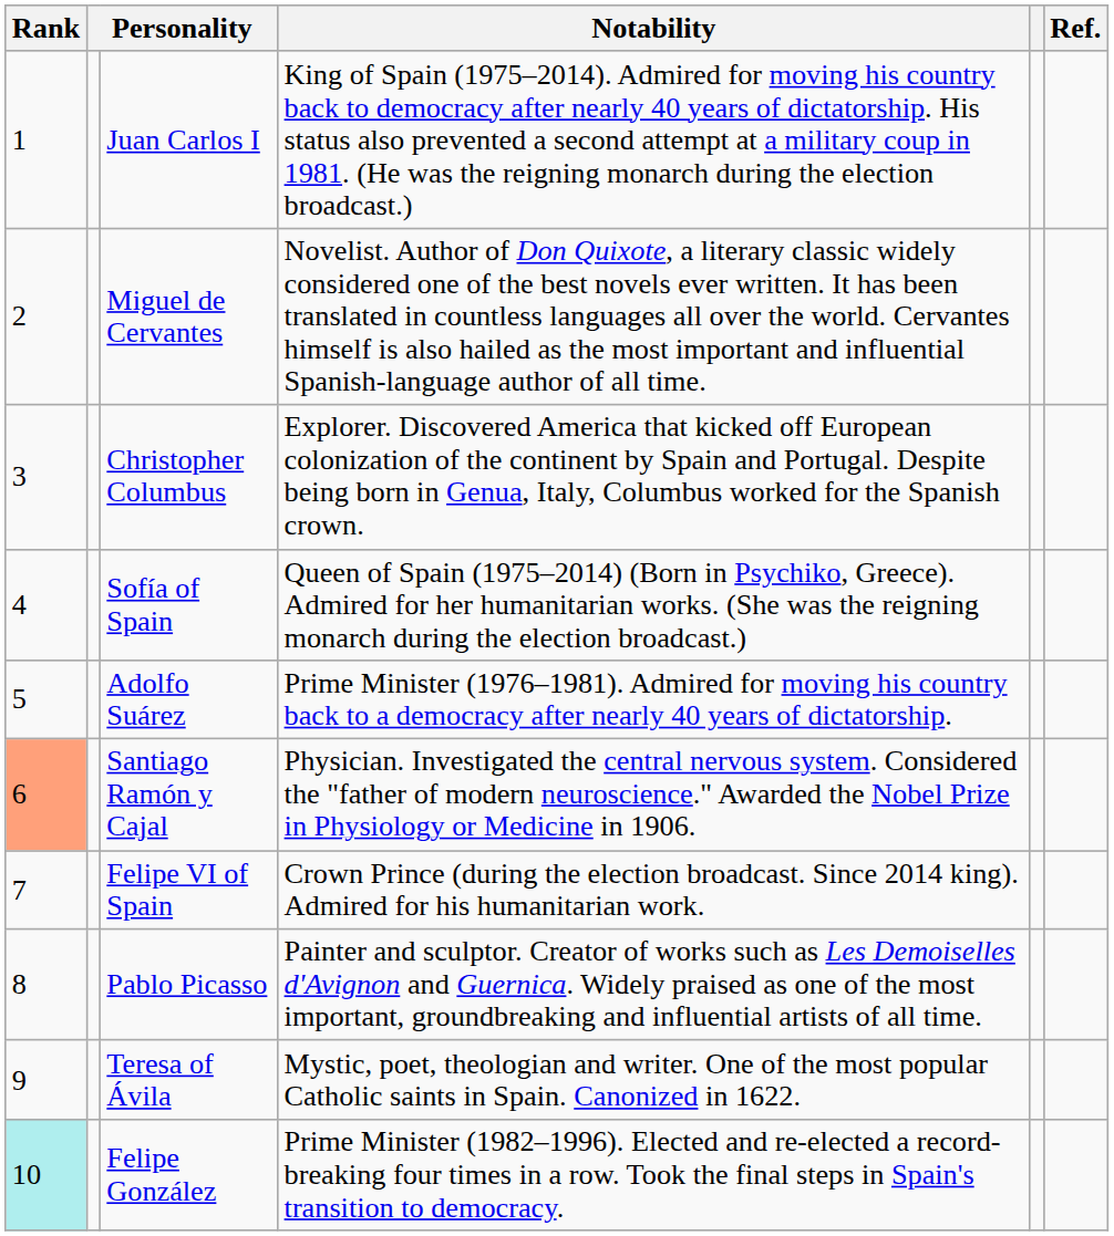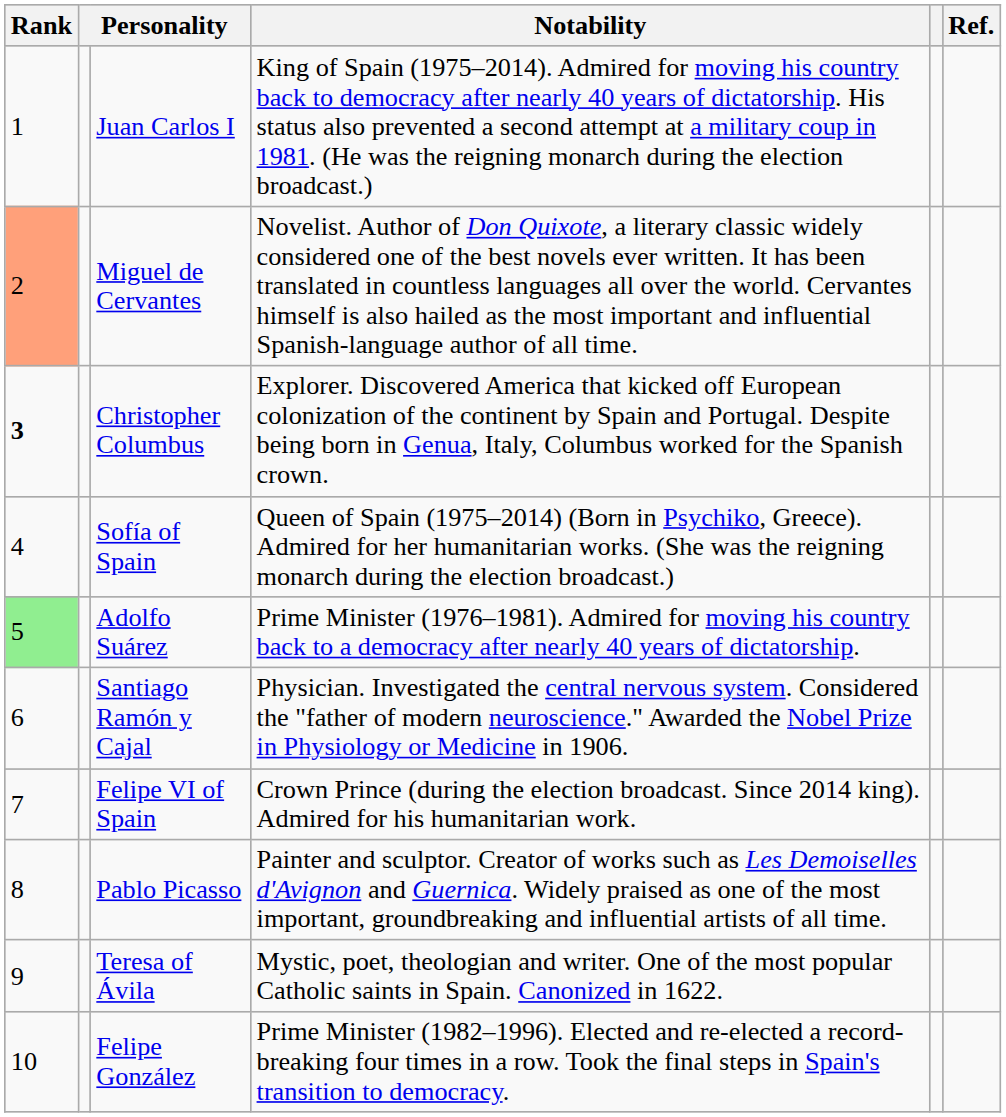 <table class="wikitable sortable">
 <tr>
 <th>Rank</th>
 <th colspan=2>Personality</th>
 <th class="unsortable">Notability</th>
 <th></th>
 <th class="unsortable">Ref.</th>
 </tr>
 <tr>
 <td>1</td>
 <td></td>
 <td><a href='#'>Juan Carlos I</a></td>
 <td>King of Spain (1975–2014). Admired for <a href='#'>moving his country back to democracy after nearly 40 years of dictatorship</a>. His status also prevented a second attempt at <a href='#'>a military coup in 1981</a>. (He was the reigning monarch during the election broadcast.)</td>
 <td></td>
 <td></td>
 </tr>
 <tr>
-<td>2</td>
+<td style="background: lightsalmon;">2</td>
 <td></td>
 <td><a href='#'>Miguel de Cervantes</a></td>
 <td>Novelist. Author of <em><a href='#'>Don Quixote</a></em>, a literary classic widely considered one of the best novels ever written. It has been translated in countless languages all over the world. Cervantes himself is also hailed as the most important and influential Spanish-language author of all time.</td>
 <td></td>
 <td></td>
 </tr>
 <tr>
-<td>3</td>
+<td><strong>3</strong></td>
 <td></td>
 <td><a href='#'>Christopher Columbus</a></td>
 <td>Explorer. Discovered America that kicked off European colonization of the continent by Spain and Portugal. Despite being born in <a href='#'>Genua</a>, Italy, Columbus worked for the Spanish crown.</td>
 <td></td>
 <td></td>
 </tr>
 <tr>
 <td>4</td>
 <td></td>
 <td><a href='#'>Sofía of Spain</a></td>
 <td>Queen of Spain (1975–2014) (Born in <a href='#'>Psychiko</a>, Greece). Admired for her humanitarian works. (She was the reigning monarch during the election broadcast.)</td>
 <td></td>
 <td></td>
 </tr>
 <tr>
-<td>5</td>
+<td style="background: lightgreen;">5</td>
 <td></td>
 <td><a href='#'>Adolfo Suárez</a></td>
 <td>Prime Minister (1976–1981). Admired for <a href='#'>moving his country back to a democracy after nearly 40 years of dictatorship</a>.</td>
 <td></td>
 <td></td>
 </tr>
 <tr>
-<td style="background: lightsalmon;">6</td>
+<td>6</td>
 <td></td>
 <td><a href='#'>Santiago Ramón y Cajal</a></td>
 <td>Physician. Investigated the <a href='#'>central nervous system</a>. Considered the "father of modern <a href='#'>neuroscience</a>." Awarded the <a href='#'>Nobel Prize in Physiology or Medicine</a> in 1906.</td>
 <td></td>
 <td></td>
 </tr>
 <tr>
 <td>7</td>
 <td></td>
 <td><a href='#'>Felipe VI of Spain</a></td>
 <td>Crown Prince (during the election broadcast. Since 2014 king). Admired for his humanitarian work.</td>
 <td></td>
 <td></td>
 </tr>
 <tr>
 <td>8</td>
 <td></td>
 <td><a href='#'>Pablo Picasso</a></td>
 <td>Painter and sculptor. Creator of works such as <em><a href='#'>Les Demoiselles d'Avignon</a></em> and <em><a href='#'>Guernica</a></em>. Widely praised as one of the most important, groundbreaking and influential artists of all time.</td>
 <td></td>
 <td></td>
 </tr>
 <tr>
 <td>9</td>
 <td></td>
 <td><a href='#'>Teresa of Ávila</a></td>
 <td>Mystic, poet, theologian and writer. One of the most popular Catholic saints in Spain. <a href='#'>Canonized</a> in 1622.</td>
 <td></td>
 <td></td>
 </tr>
 <tr>
-<td style="background: paleturquoise;">10</td>
+<td>10</td>
 <td></td>
 <td><a href='#'>Felipe González</a></td>
 <td>Prime Minister (1982–1996). Elected and re-elected a record-breaking four times in a row. Took the final steps in <a href='#'>Spain's transition to democracy</a>.</td>
 <td></td>
 <td></td>
 </tr>
 </table>
